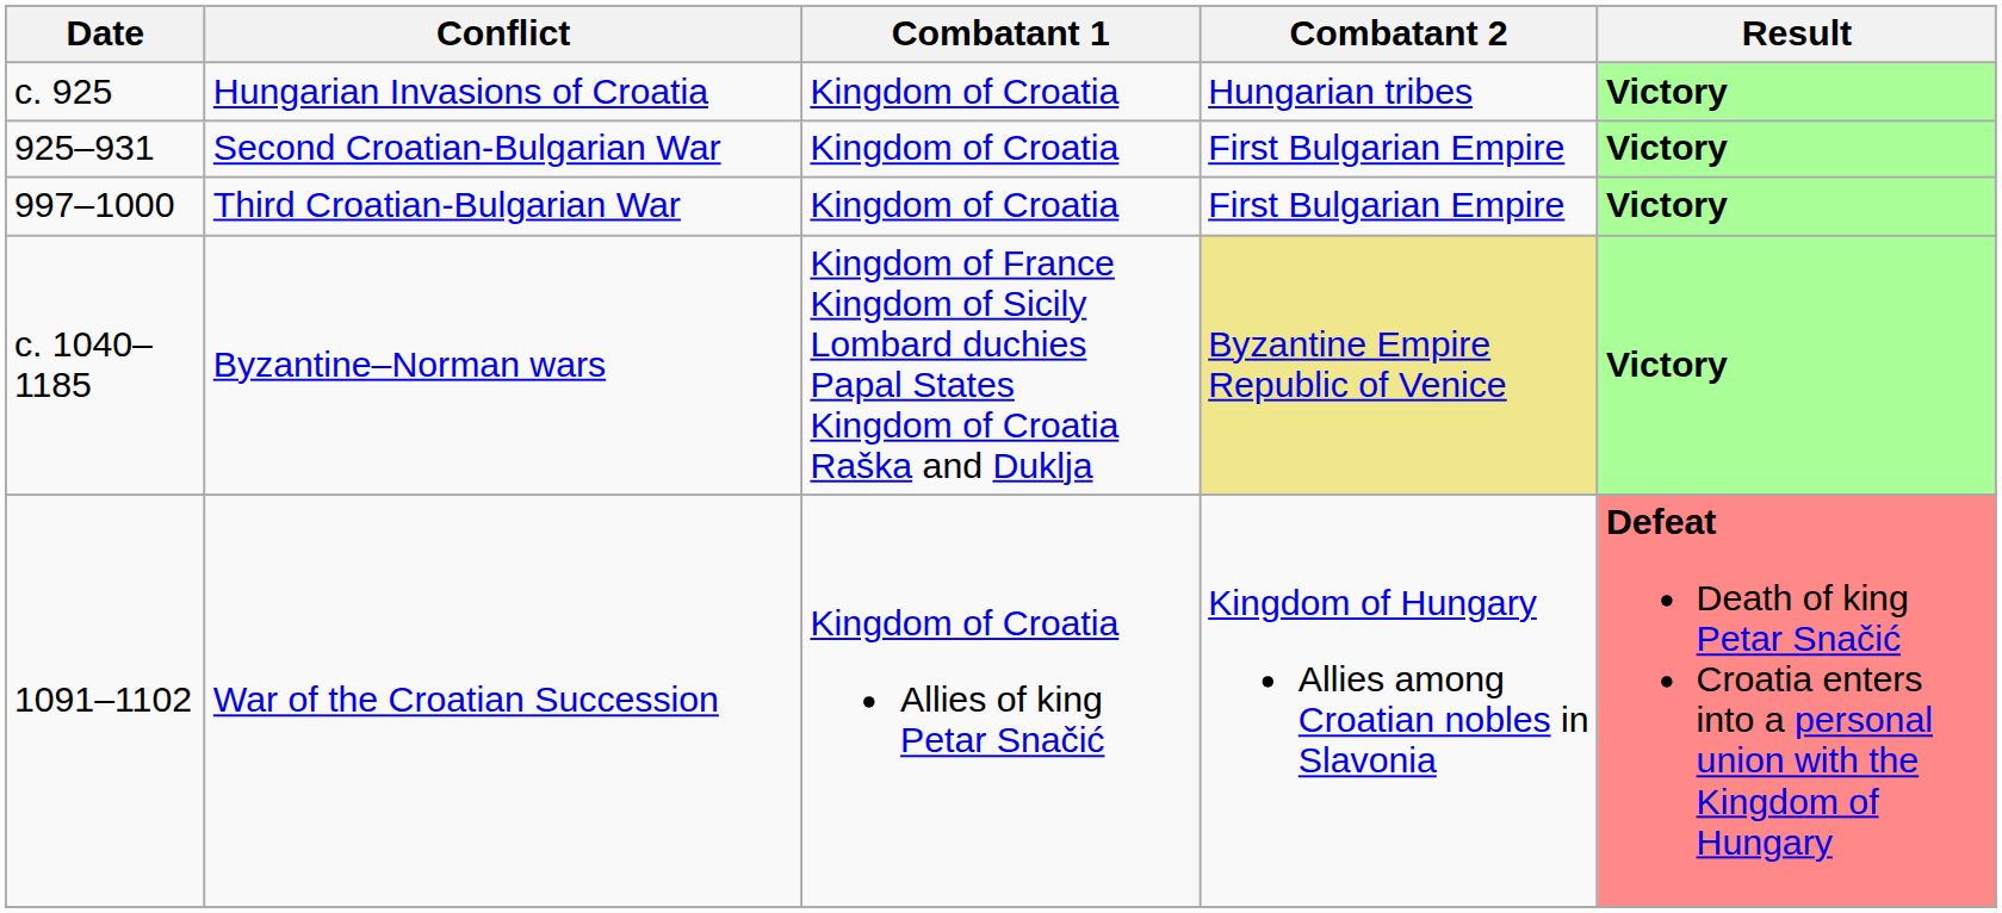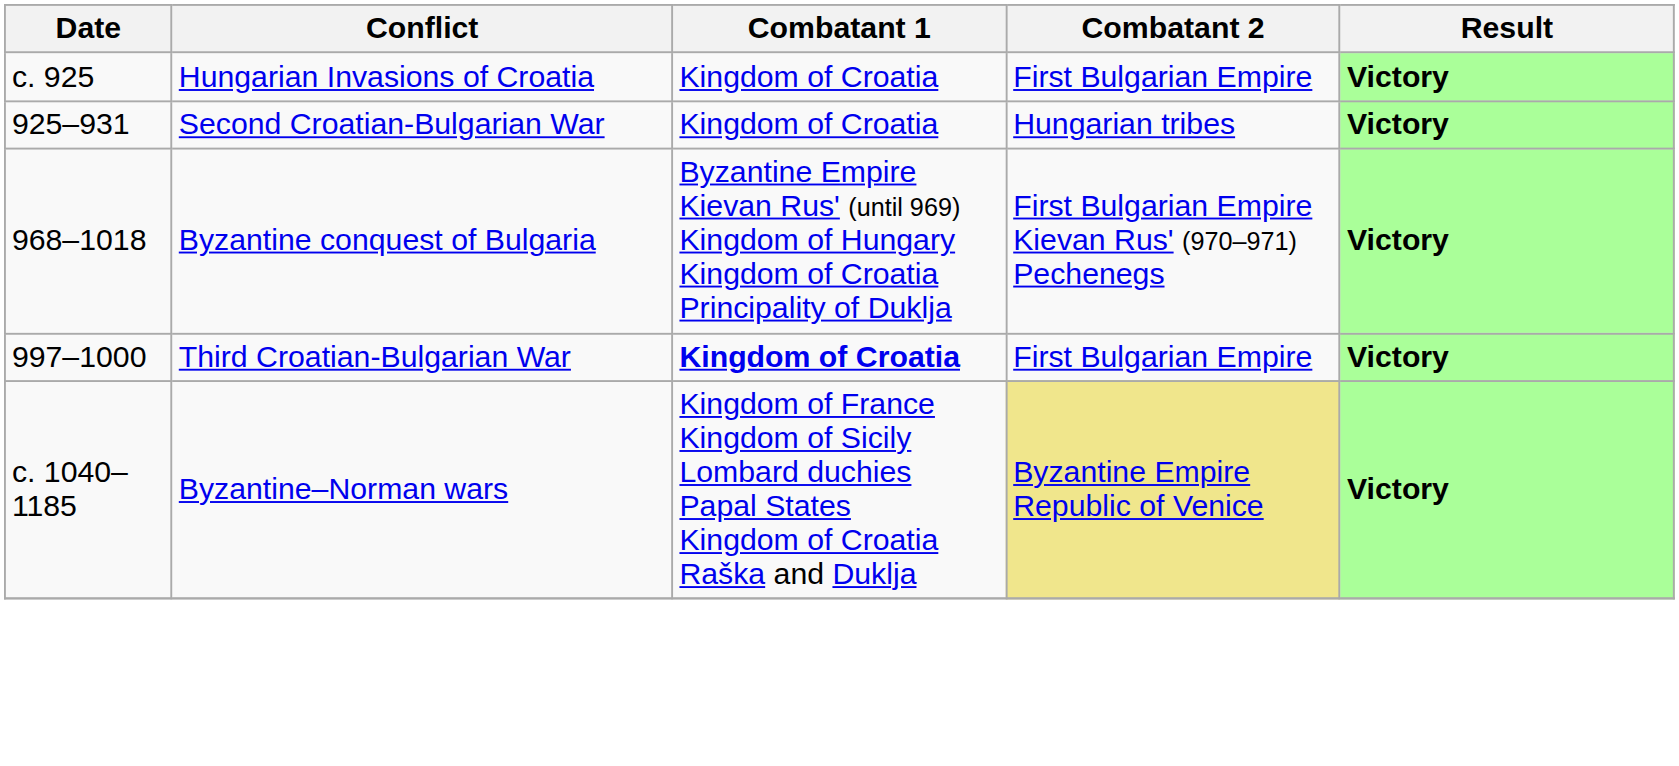 <table class="wikitable" width="100%">
 <tr>
 <th width="10%">Date</th>
 <th width="30%">Conflict</th>
 <th width="20%">Combatant 1</th>
 <th width="20%">Combatant 2</th>
 <th width="20%">Result</th>
 </tr>
 <tr>
 <td>c. 925</td>
 <td><a href='#'>Hungarian Invasions of Croatia</a></td>
 <td> <a href='#'>Kingdom of Croatia</a></td>
-<td><a href='#'>Hungarian tribes</a></td>
+<td> <a href='#'>First Bulgarian Empire</a></td>
 <td style="background:#AF9"><strong>Victory</strong></td>
 </tr>
 <tr>
 <td>925–931</td>
 <td><a href='#'>Second Croatian-Bulgarian War</a></td>
 <td> <a href='#'>Kingdom of Croatia</a></td>
-<td> <a href='#'>First Bulgarian Empire</a></td>
+<td><a href='#'>Hungarian tribes</a></td>
+<td style="background:#AF9"><strong>Victory</strong></td>
+</tr>
+<tr>
+<td>968–1018</td>
+<td><a href='#'>Byzantine conquest of Bulgaria</a></td>
+<td> <a href='#'>Byzantine Empire</a><br> <a href='#'>Kievan Rus'</a> <small>(until 969)<br></small> <a href='#'>Kingdom of Hungary</a><br> <a href='#'>Kingdom of Croatia</a><br><a href='#'>Principality of Duklja</a></td>
+<td> <a href='#'>First Bulgarian Empire</a><br> <a href='#'>Kievan Rus'</a> <small>(970–971)</small><br><a href='#'>Pechenegs</a></td>
 <td style="background:#AF9"><strong>Victory</strong></td>
 </tr>
 <tr>
 <td>997–1000</td>
 <td><a href='#'>Third Croatian-Bulgarian War</a></td>
-<td> <a href='#'>Kingdom of Croatia</a></td>
+<td><strong> <a href='#'>Kingdom of Croatia</a></strong></td>
 <td> <a href='#'>First Bulgarian Empire</a></td>
 <td style="background:#AF9"><strong>Victory</strong></td>
 </tr>
 <tr>
 <td>c. 1040–1185</td>
 <td><a href='#'>Byzantine–Norman wars</a></td>
 <td> <a href='#'>Kingdom of France</a><br> <a href='#'>Kingdom of Sicily</a><br> <a href='#'>Lombard duchies</a><br> <a href='#'>Papal States</a><br> <a href='#'>Kingdom of Croatia</a>  <a href='#'>Raška</a> and <a href='#'>Duklja</a></td>
 <td style="background: khaki;"> <a href='#'>Byzantine Empire</a><br> <a href='#'>Republic of Venice</a><br></td>
 <td style="background:#AF9"><strong>Victory</strong></td>
 </tr>
 <tr>
-<td>1091–1102</td>
-<td><a href='#'>War of the Croatian Succession</a></td>
-<td> <a href='#'>Kingdom of Croatia</a><br><ul><li>Allies of king <a href='#'>Petar Snačić</a></li></ul></td>
-<td> <a href='#'>Kingdom of Hungary</a><br><ul><li>Allies among <a href='#'>Croatian nobles</a> in <a href='#'>Slavonia</a></li></ul></td>
-<td style="background:#F88"><strong>Defeat</strong><br><ul><li>Death of king <a href='#'>Petar Snačić</a></li><li>Croatia enters into a <a href='#'>personal union with the Kingdom of Hungary</a></li></ul></td>
-</tr>
-<tr>
 </tr>
 </table>
